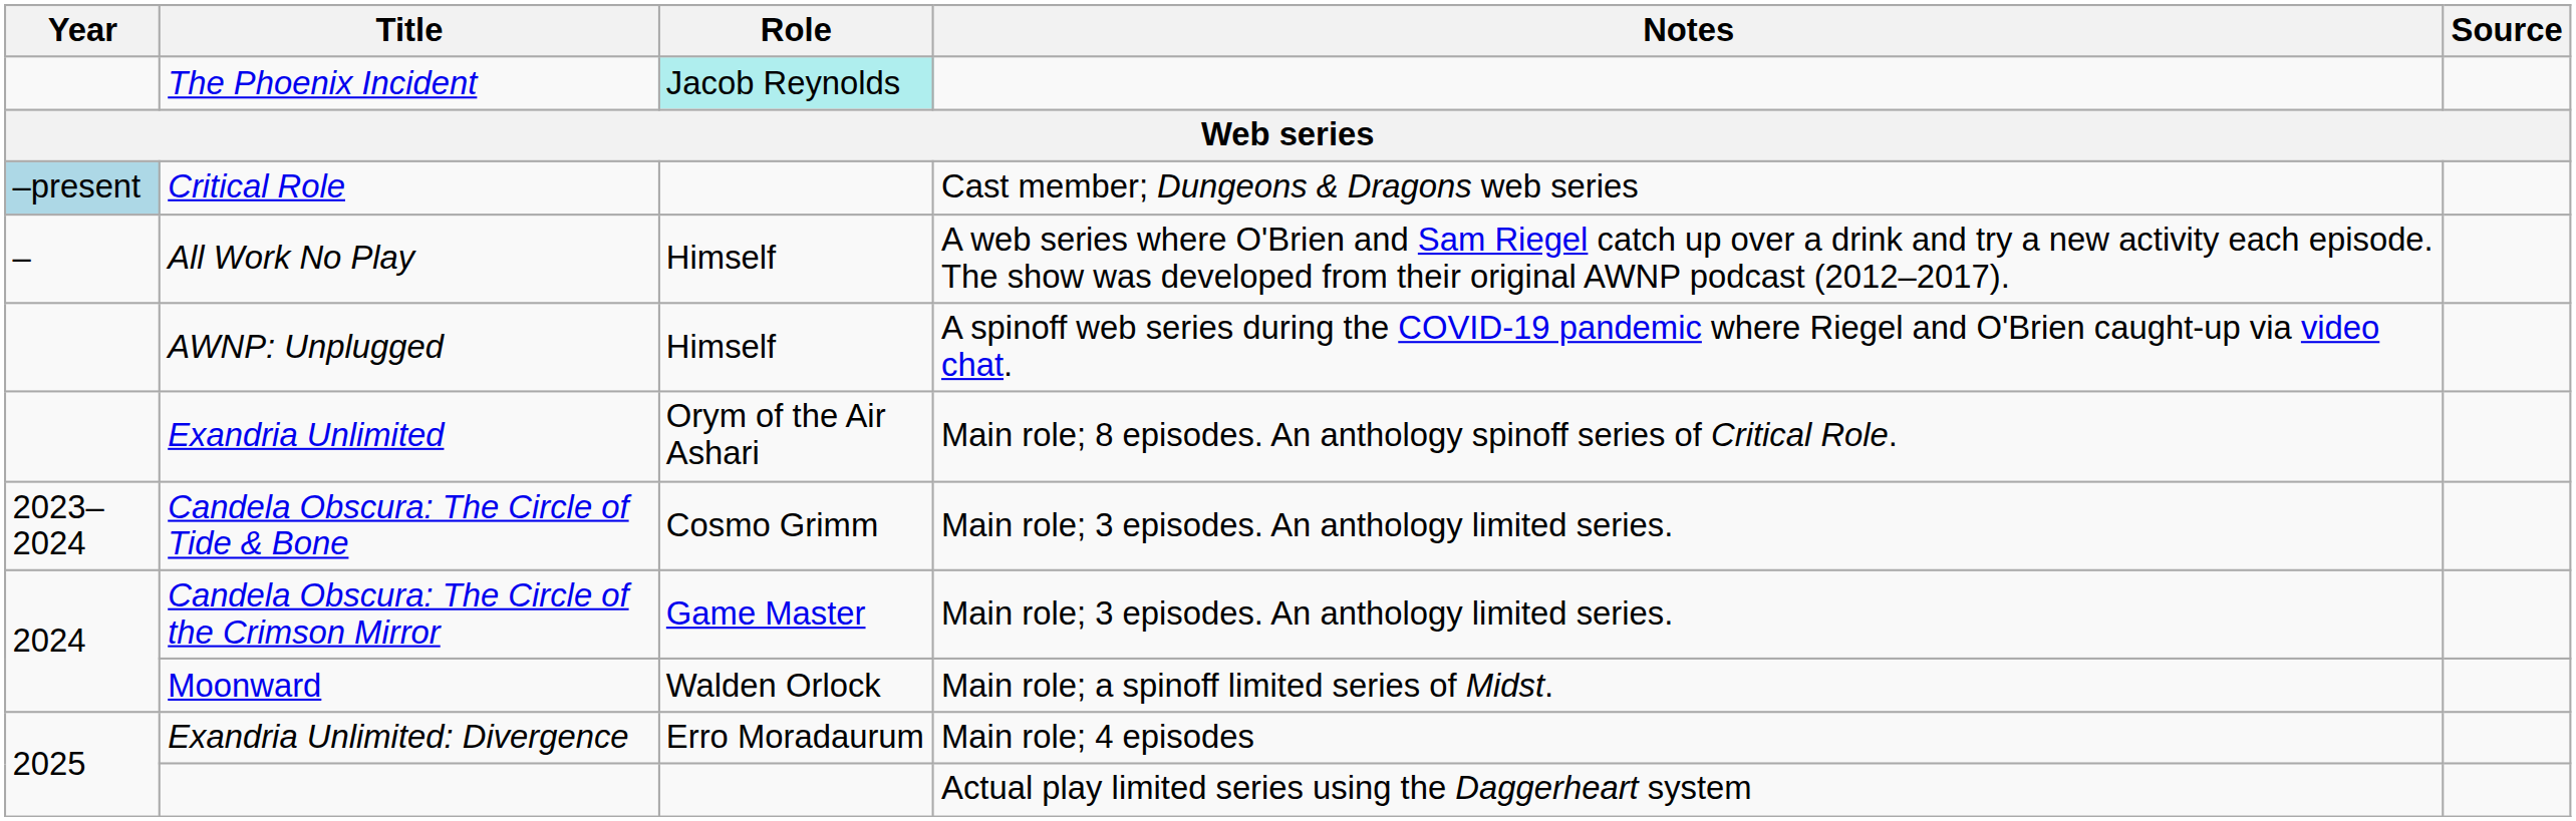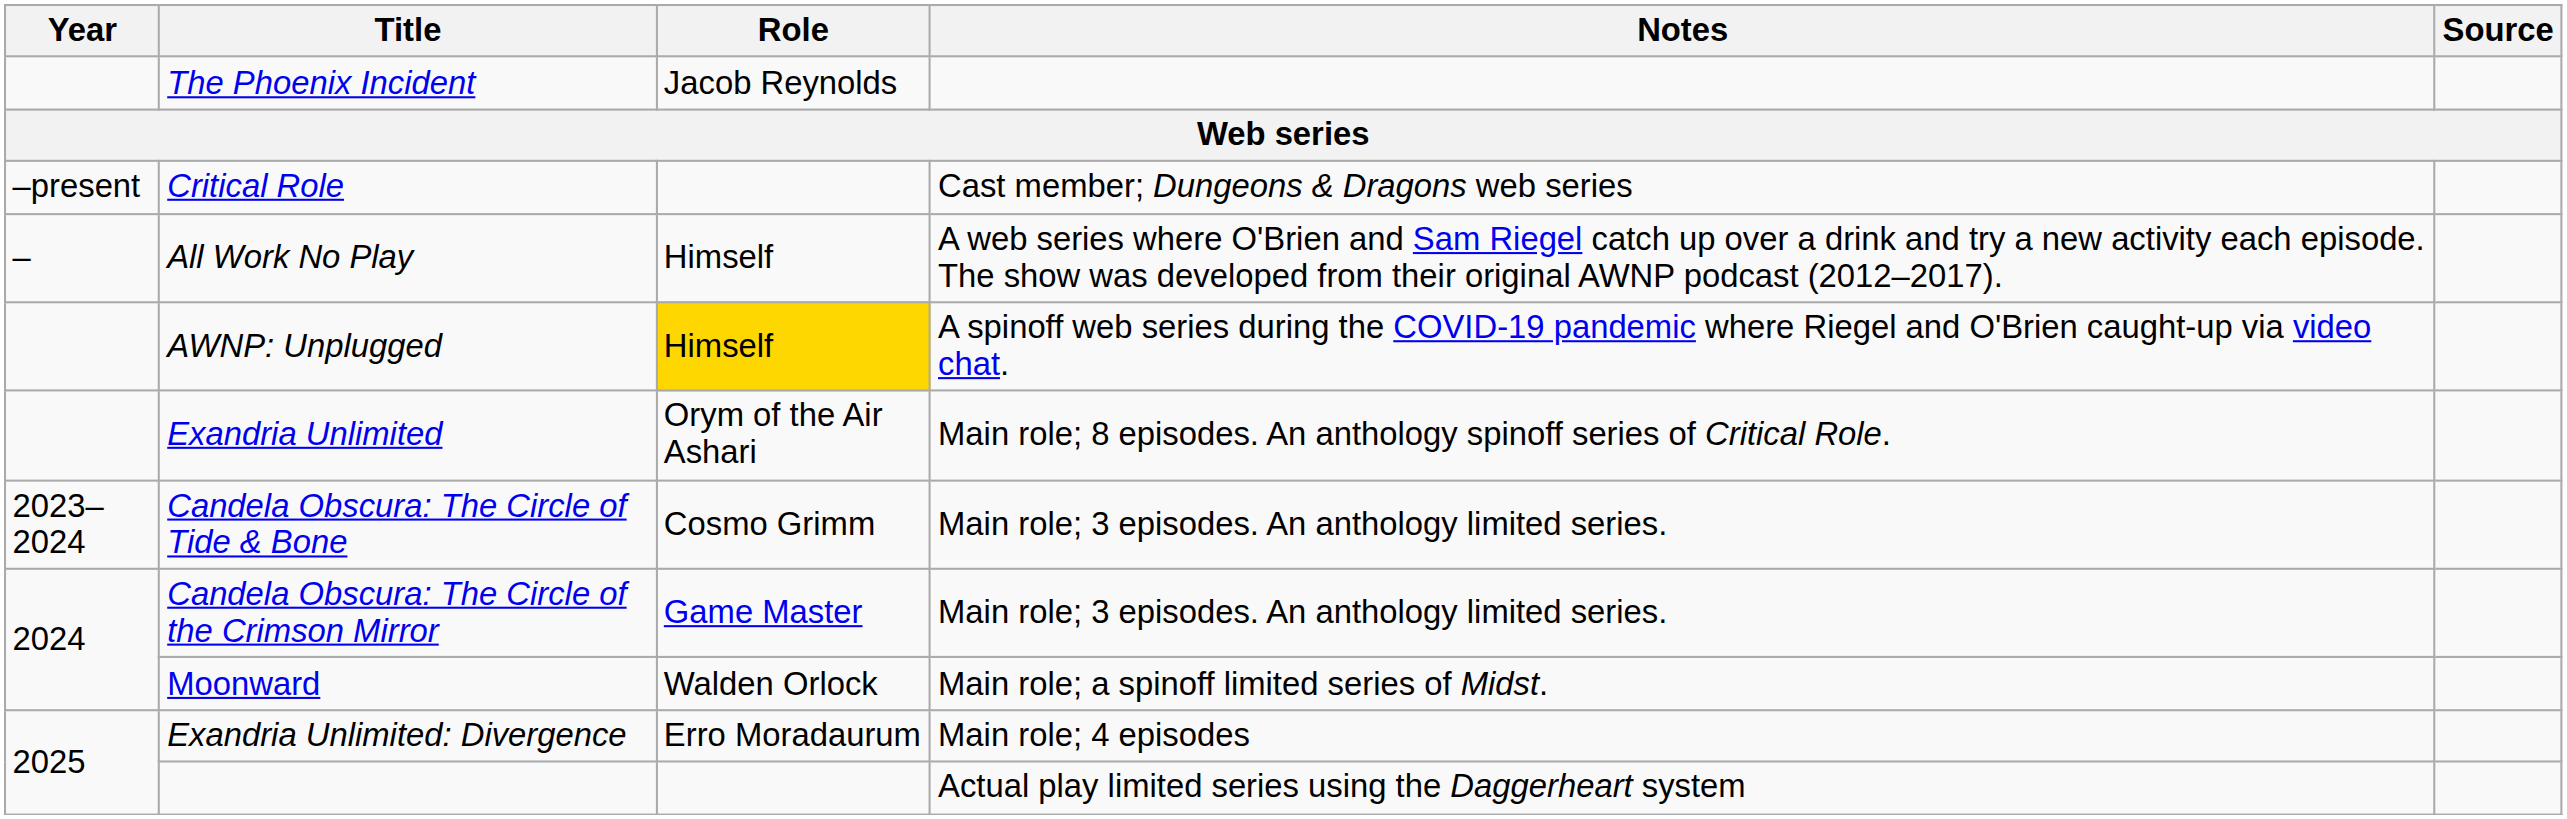 <table class="wikitable sortable plainrowheaders">
 <tr>
 <th>Year</th>
 <th>Title</th>
 <th>Role</th>
 <th class="unsortable">Notes</th>
 <th class="unsortable">Source</th>
 </tr>
 <tr>
 <td></td>
 <td><em><a href='#'>The Phoenix Incident</a></em></td>
-<td style="background: paleturquoise;">Jacob Reynolds</td>
+<td>Jacob Reynolds</td>
 <td></td>
 <td></td>
 </tr>
 <tr>
 <th colspan="5">Web series</th>
 </tr>
 <tr>
-<td style="background: lightblue;">–present</td>
+<td>–present</td>
 <td><em><a href='#'>Critical Role</a></em></td>
 <td></td>
 <td>Cast member; <em>Dungeons & Dragons</em> web series</td>
 <td></td>
 </tr>
 <tr>
 <td>–</td>
 <td><em>All Work No Play</em></td>
 <td>Himself</td>
 <td>A web series where O'Brien and <a href='#'>Sam Riegel</a> catch up over a drink and try a new activity each episode. The show was developed from their original AWNP podcast (2012–2017).</td>
 <td></td>
 </tr>
 <tr>
 <td></td>
 <td><em>AWNP: Unplugged</em></td>
-<td>Himself</td>
+<td style="background: gold;">Himself</td>
 <td>A spinoff web series during the <a href='#'>COVID-19 pandemic</a> where Riegel and O'Brien caught-up via <a href='#'>video chat</a>.</td>
 <td></td>
 </tr>
 <tr>
 <td></td>
 <td><em><a href='#'>Exandria Unlimited</a></em></td>
 <td>Orym of the Air Ashari</td>
 <td>Main role; 8 episodes. An anthology spinoff series of <em>Critical Role</em>.</td>
 <td></td>
 </tr>
 <tr>
 <td>2023–2024</td>
 <td><em><a href='#'>Candela Obscura: The Circle of Tide & Bone</a></em></td>
 <td>Cosmo Grimm</td>
 <td>Main role; 3 episodes. An anthology limited series.</td>
 <td></td>
 </tr>
 <tr>
 <td rowspan="2">2024</td>
 <td><em><a href='#'>Candela Obscura: The Circle of the Crimson Mirror</a></em></td>
 <td><a href='#'>Game Master</a></td>
 <td>Main role; 3 episodes. An anthology limited series.</td>
 <td></td>
 </tr>
 <tr>
 <td><a href='#'>Moonward</a></td>
 <td>Walden Orlock</td>
 <td>Main role; a spinoff limited series of <em>Midst</em>.</td>
 <td></td>
 </tr>
 <tr>
 <td rowspan="2">2025</td>
 <td><em>Exandria Unlimited: Divergence</em></td>
 <td>Erro Moradaurum</td>
 <td>Main role; 4 episodes</td>
 <td></td>
 </tr>
 <tr>
 <td></td>
 <td></td>
 <td>Actual play limited series using the <em>Daggerheart</em> system</td>
 <td></td>
 </tr>
 <tr>
 </tr>
 </table>
